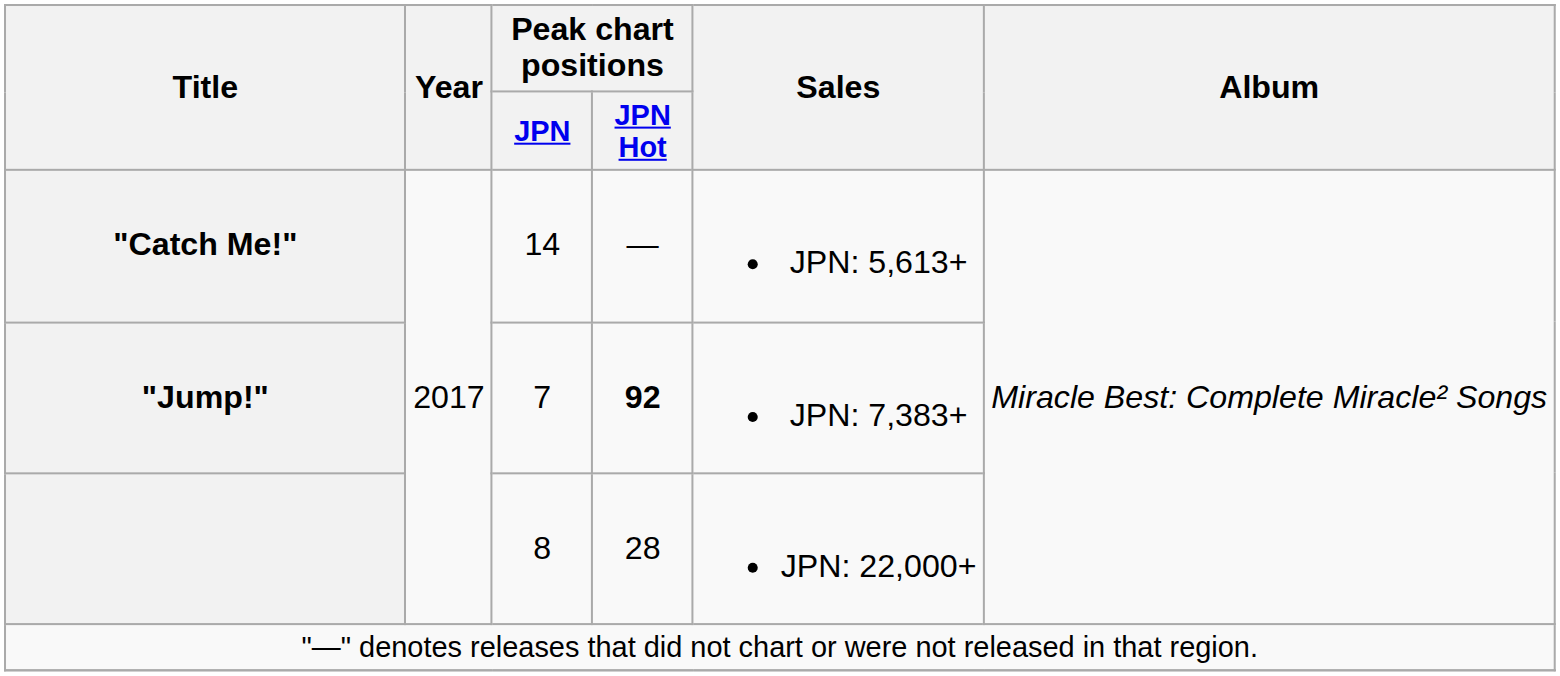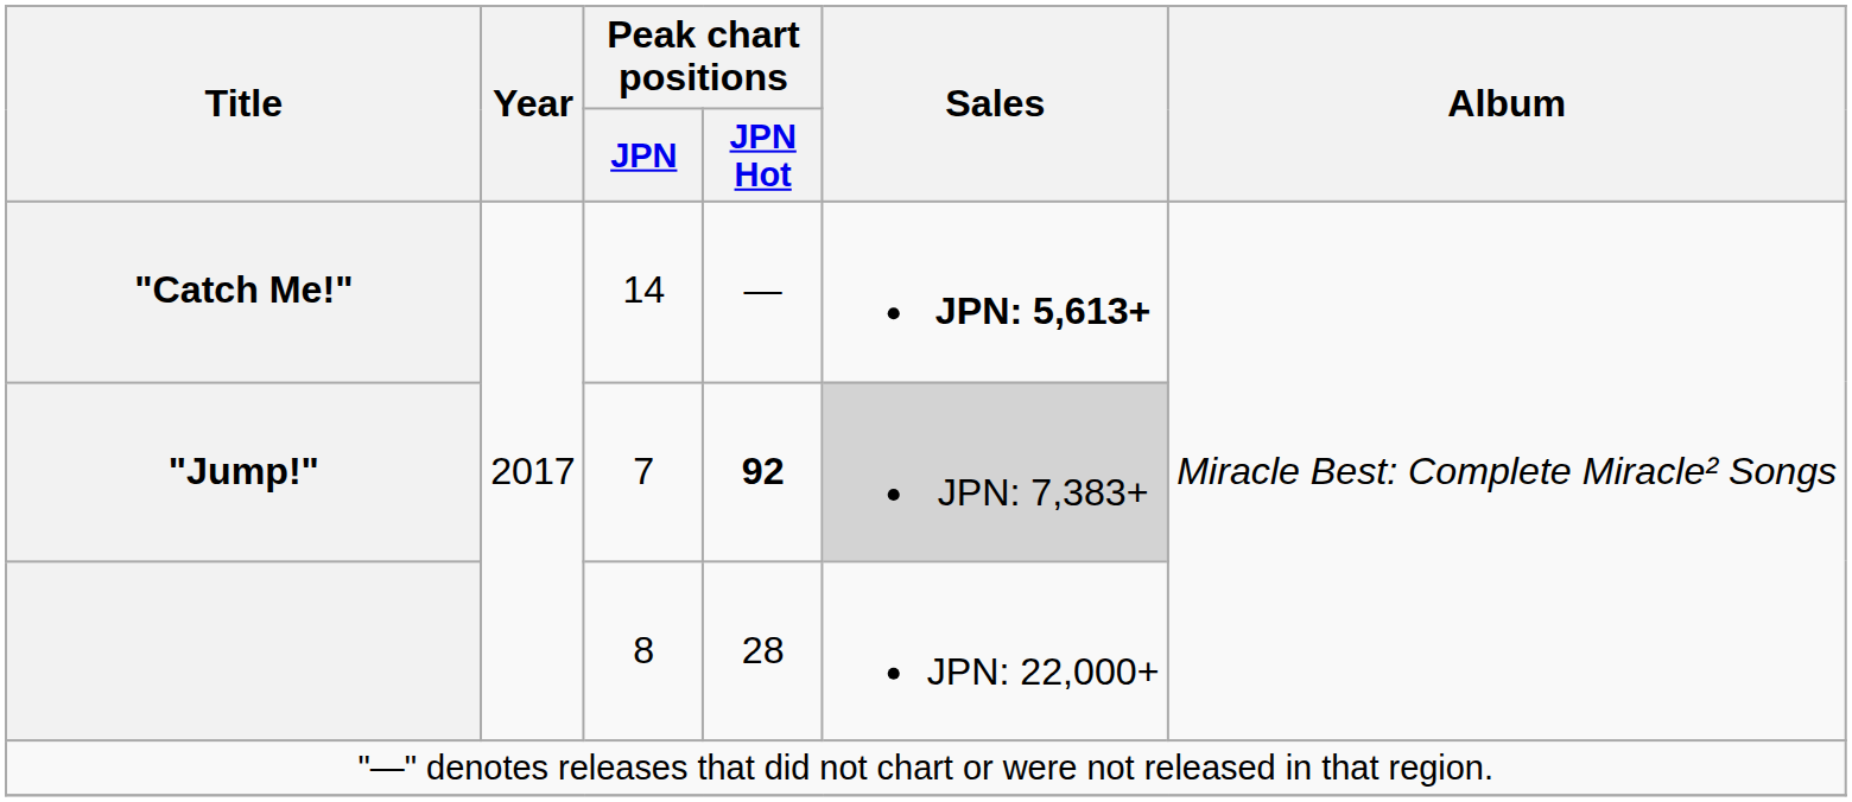 <table class="wikitable plainrowheaders" style="text-align:center;">
 <tr>
 <th scope="col" rowspan="2" style="width:12em;">Title</th>
 <th scope="col" rowspan="2">Year</th>
 <th scope="col" colspan="2">Peak chart positions</th>
 <th scope="col" rowspan="2">Sales</th>
 <th scope="col" rowspan="2">Album</th>
 </tr>
 <tr>
 <th scope="col" style="width:3em;font-size:90%;"><a href='#'>JPN</a><br></th>
 <th scope="col" style="width:3em;font-size:90%;"><a href='#'>JPN<br>Hot</a><br></th>
 </tr>
 <tr>
 <th scope="row">"Catch Me!"</th>
 <td rowspan="3">2017</td>
 <td>14</td>
 <td>—</td>
-<td><br><ul><li>JPN: 5,613+</li></ul></td>
+<td><strong><br><ul><li>JPN: 5,613+</li></ul></strong></td>
 <td rowspan="3"><em>Miracle Best: Complete Miracle² Songs</em></td>
 </tr>
 <tr>
 <th scope="row">"Jump!"</th>
 <td>7</td>
 <td><strong>92</strong></td>
-<td><br><ul><li>JPN: 7,383+</li></ul></td>
+<td style="background: lightgrey;"><br><ul><li>JPN: 7,383+</li></ul></td>
 </tr>
 <tr>
 <th scope="row"></th>
 <td>8</td>
 <td>28</td>
 <td><br><ul><li>JPN: 22,000+</li></ul></td>
 </tr>
 <tr>
 <td colspan="6" style="font-size:90%;">"—" denotes releases that did not chart or were not released in that region.</td>
 </tr>
 <tr>
 </tr>
 </table>
